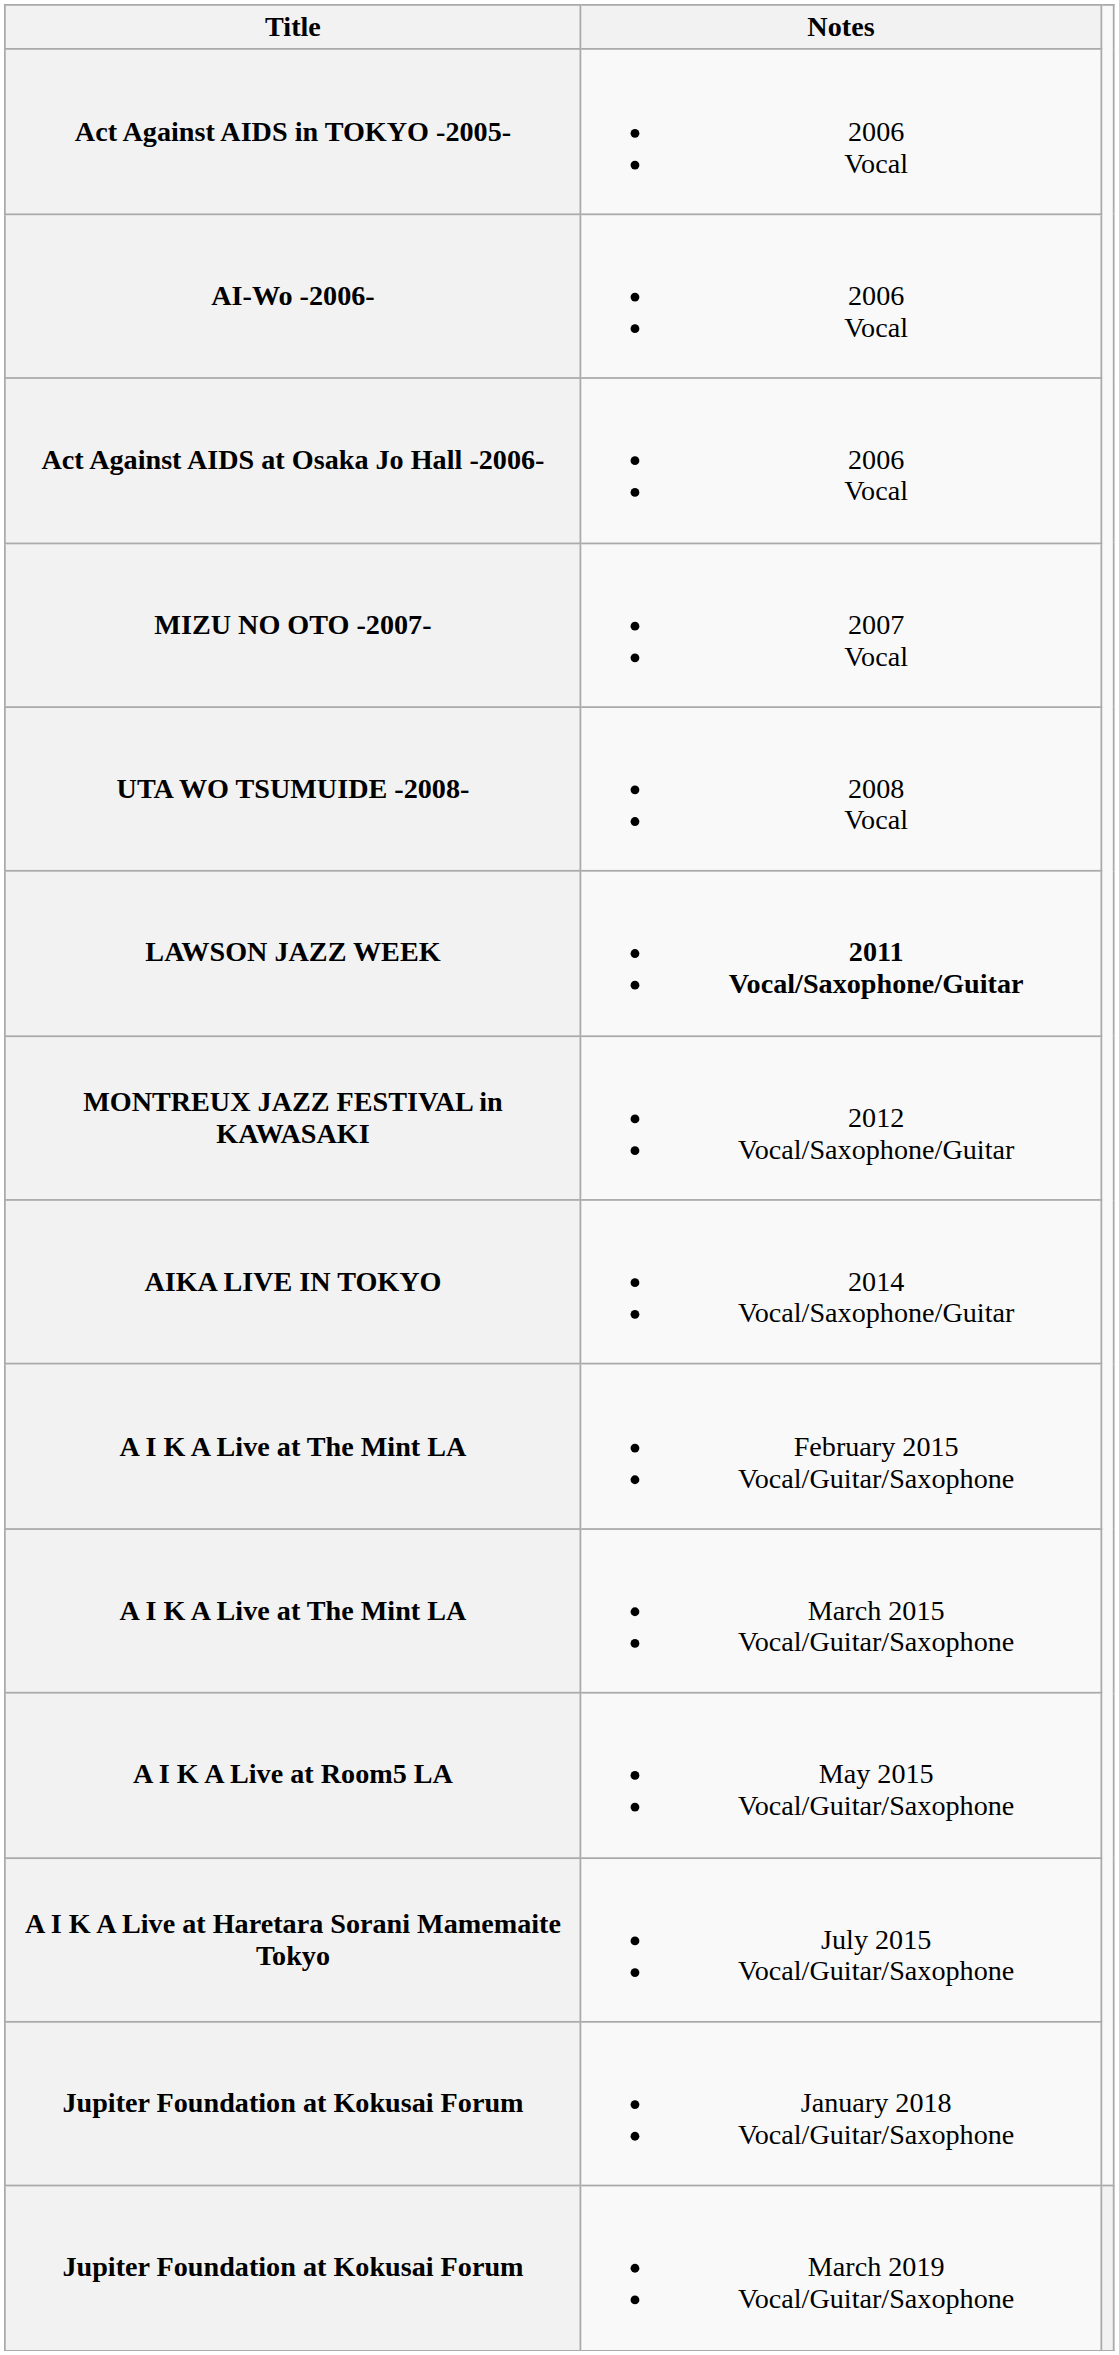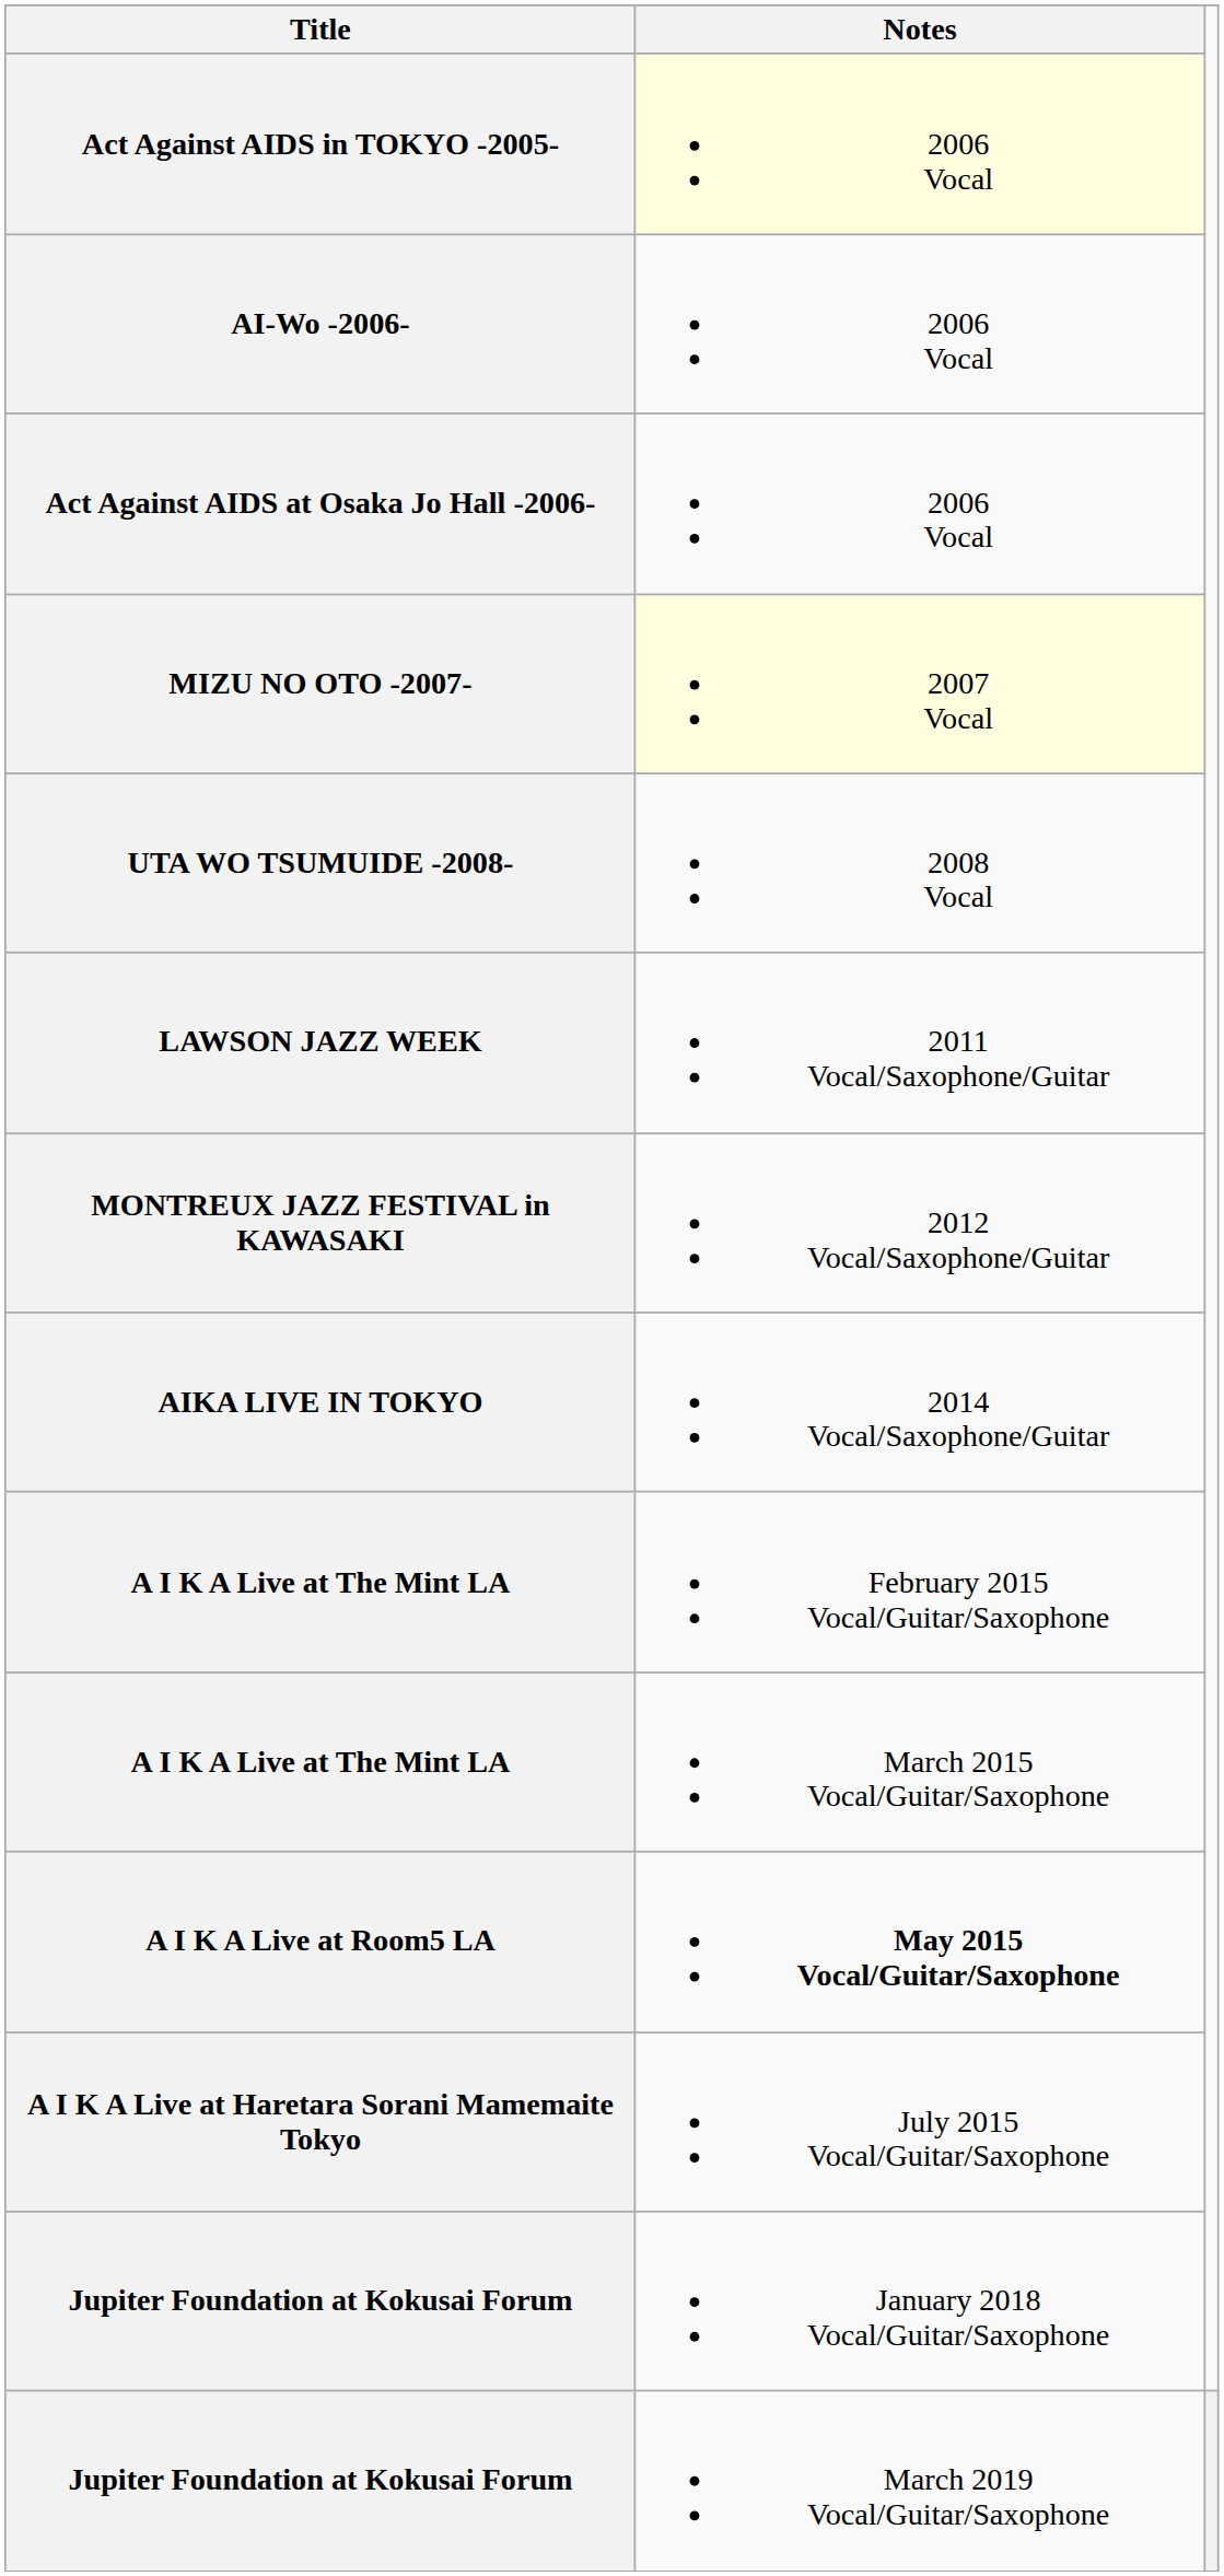 <table class="wikitable plainrowheaders" style="text-align:center;">
 <tr>
 <th scope="col" style="width:20em;">Title</th>
 <th scope="col" style="width:18em;">Notes</th>
 </tr>
 <tr>
 <th scope="row">Act Against AIDS in TOKYO -2005-</th>
-<td><br><ul><li>2006</li><li>Vocal</li></ul></td>
+<td style="background: lightyellow;"><br><ul><li>2006</li><li>Vocal</li></ul></td>
 </tr>
 <tr>
 <th scope="row">AI-Wo -2006-</th>
 <td><br><ul><li>2006</li><li>Vocal</li></ul></td>
 </tr>
 <tr>
 <th scope="row">Act Against AIDS at Osaka Jo Hall -2006-</th>
 <td><br><ul><li>2006</li><li>Vocal</li></ul></td>
 </tr>
 <tr>
 <th scope="row">MIZU NO OTO -2007-</th>
-<td><br><ul><li>2007</li><li>Vocal</li></ul></td>
+<td style="background: lightyellow;"><br><ul><li>2007</li><li>Vocal</li></ul></td>
 </tr>
 <tr>
 <th scope="row">UTA WO TSUMUIDE -2008-</th>
 <td><br><ul><li>2008</li><li>Vocal</li></ul></td>
 </tr>
 <tr>
 <th scope="row">LAWSON JAZZ WEEK</th>
-<td><strong><br><ul><li>2011</li><li>Vocal/Saxophone/Guitar</li></ul></strong></td>
+<td><br><ul><li>2011</li><li>Vocal/Saxophone/Guitar</li></ul></td>
 </tr>
 <tr>
 <th scope="row">MONTREUX JAZZ FESTIVAL in KAWASAKI</th>
 <td><br><ul><li>2012</li><li>Vocal/Saxophone/Guitar</li></ul></td>
 </tr>
 <tr>
 <th scope="row">AIKA LIVE IN TOKYO</th>
 <td><br><ul><li>2014</li><li>Vocal/Saxophone/Guitar</li></ul></td>
 </tr>
 <tr>
 <th scope="row">A I K A Live at The Mint LA</th>
 <td><br><ul><li>February 2015</li><li>Vocal/Guitar/Saxophone</li></ul></td>
 </tr>
 <tr>
 <th scope="row">A I K A Live at The Mint LA</th>
 <td><br><ul><li>March 2015</li><li>Vocal/Guitar/Saxophone</li></ul></td>
 </tr>
 <tr>
 <th scope="row">A I K A Live at Room5 LA</th>
-<td><br><ul><li>May 2015</li><li>Vocal/Guitar/Saxophone</li></ul></td>
+<td><strong><br><ul><li>May 2015</li><li>Vocal/Guitar/Saxophone</li></ul></strong></td>
 </tr>
 <tr>
 <th scope="row">A I K A Live at Haretara Sorani Mamemaite Tokyo</th>
 <td><br><ul><li>July 2015</li><li>Vocal/Guitar/Saxophone</li></ul></td>
 </tr>
 <tr>
 <th scope="row">Jupiter Foundation at Kokusai Forum</th>
 <td><br><ul><li>January 2018</li><li>Vocal/Guitar/Saxophone</li></ul></td>
 </tr>
 <tr>
 <th scope="row">Jupiter Foundation at Kokusai Forum</th>
 <td><br><ul><li>March 2019</li><li>Vocal/Guitar/Saxophone</li></ul></td>
 <th scope="row"></th>
 </tr>
 <tr>
 </tr>
 </table>
